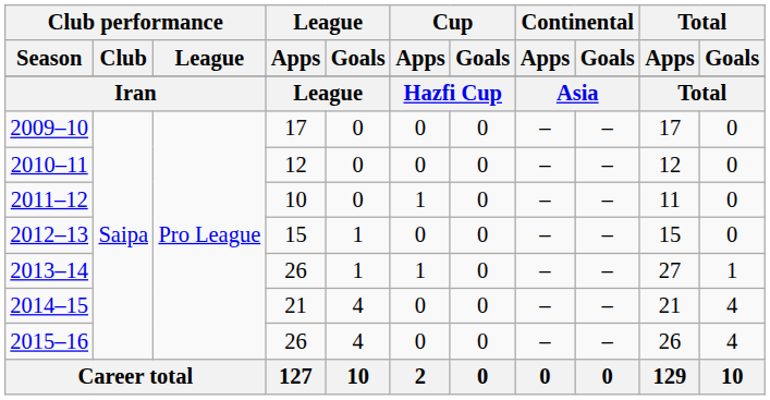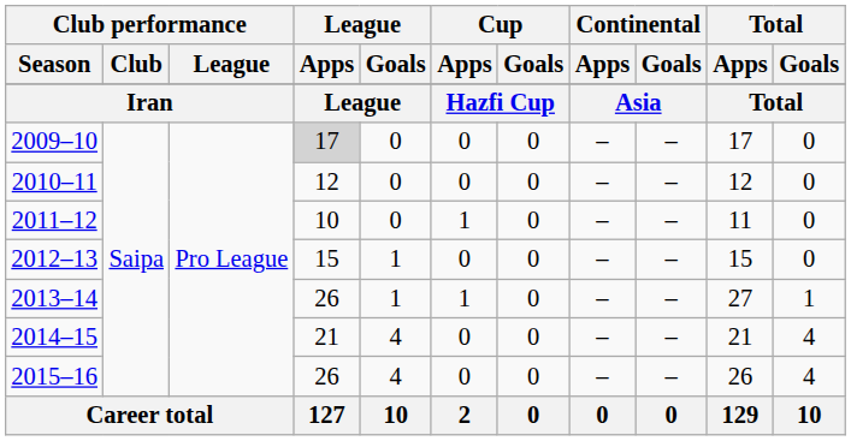 <table class="wikitable" style="text-align:center">
 <tr>
 <th colspan=3>Club performance</th>
 <th colspan=2>League</th>
 <th colspan=2>Cup</th>
 <th colspan=2>Continental</th>
 <th colspan=2>Total</th>
 </tr>
 <tr>
 <th>Season</th>
 <th>Club</th>
 <th>League</th>
 <th>Apps</th>
 <th>Goals</th>
 <th>Apps</th>
 <th>Goals</th>
 <th>Apps</th>
 <th>Goals</th>
 <th>Apps</th>
 <th>Goals</th>
 </tr>
 <tr>
 </tr>
 <tr>
 <th colspan=3>Iran</th>
 <th colspan=2>League</th>
 <th colspan=2><a href='#'>Hazfi Cup</a></th>
 <th colspan=2><a href='#'>Asia</a></th>
 <th colspan=2>Total</th>
 </tr>
 <tr>
 <td><a href='#'>2009–10</a></td>
 <td rowspan="7"><a href='#'>Saipa</a></td>
 <td rowspan="7"><a href='#'>Pro League</a></td>
-<td>17</td>
+<td style="background: lightgrey;">17</td>
 <td>0</td>
 <td>0</td>
 <td>0</td>
 <td>–</td>
 <td>–</td>
 <td>17</td>
 <td>0</td>
 </tr>
 <tr>
 <td><a href='#'>2010–11</a></td>
 <td>12</td>
 <td>0</td>
 <td>0</td>
 <td>0</td>
 <td>–</td>
 <td>–</td>
 <td>12</td>
 <td>0</td>
 </tr>
 <tr>
 <td><a href='#'>2011–12</a></td>
 <td>10</td>
 <td>0</td>
 <td>1</td>
 <td>0</td>
 <td>–</td>
 <td>–</td>
 <td>11</td>
 <td>0</td>
 </tr>
 <tr>
 <td><a href='#'>2012–13</a></td>
 <td>15</td>
 <td>1</td>
 <td>0</td>
 <td>0</td>
 <td>–</td>
 <td>–</td>
 <td>15</td>
 <td>0</td>
 </tr>
 <tr>
 <td><a href='#'>2013–14</a></td>
 <td>26</td>
 <td>1</td>
 <td>1</td>
 <td>0</td>
 <td>–</td>
 <td>–</td>
 <td>27</td>
 <td>1</td>
 </tr>
 <tr>
 <td><a href='#'>2014–15</a></td>
 <td>21</td>
 <td>4</td>
 <td>0</td>
 <td>0</td>
 <td>–</td>
 <td>–</td>
 <td>21</td>
 <td>4</td>
 </tr>
 <tr>
 <td><a href='#'>2015–16</a></td>
 <td>26</td>
 <td>4</td>
 <td>0</td>
 <td>0</td>
 <td>–</td>
 <td>–</td>
 <td>26</td>
 <td>4</td>
 </tr>
 <tr>
 <th colspan=3>Career total</th>
 <th>127</th>
 <th>10</th>
 <th>2</th>
 <th>0</th>
 <th>0</th>
 <th>0</th>
 <th>129</th>
 <th>10</th>
 </tr>
 </table>
